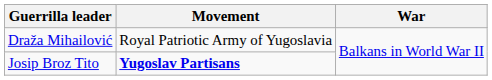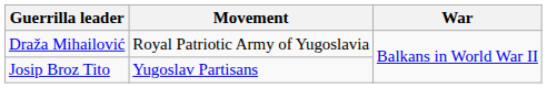 <table class="wikitable">
 <tr>
 <th>Guerrilla leader</th>
 <th>Movement</th>
 <th>War</th>
 </tr>
 <tr>
 <td><a href='#'>Draža Mihailović</a></td>
 <td>Royal Patriotic Army of Yugoslavia</td>
 <td rowspan="2"><a href='#'>Balkans in World War II</a></td>
 </tr>
 <tr>
 <td><a href='#'>Josip Broz Tito</a></td>
-<td><strong><a href='#'>Yugoslav Partisans</a></strong></td>
+<td><a href='#'>Yugoslav Partisans</a></td>
 </tr>
 </table>
